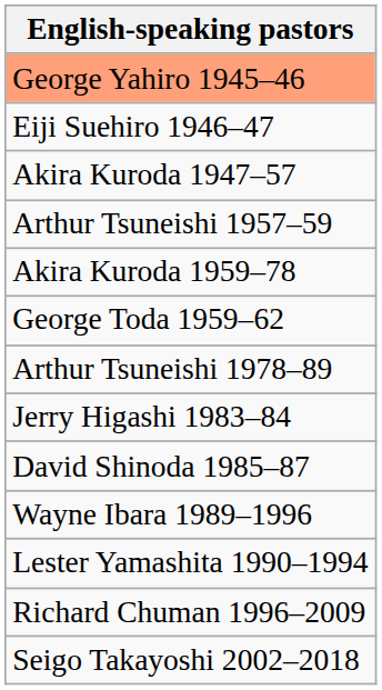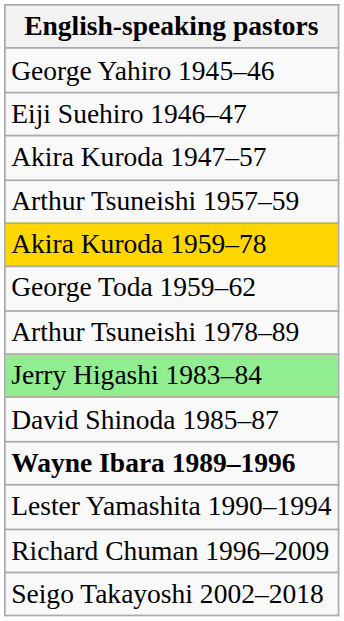 <table class="wikitable">
 <tr>
 <th>English-speaking pastors</th>
 </tr>
 <tr>
-<td style="background: lightsalmon;">George Yahiro 1945–46</td>
+<td>George Yahiro 1945–46</td>
 </tr>
 <tr>
 <td>Eiji Suehiro 1946–47</td>
 </tr>
 <tr>
 <td>Akira Kuroda 1947–57</td>
 </tr>
 <tr>
 <td>Arthur Tsuneishi 1957–59</td>
 </tr>
 <tr>
-<td>Akira Kuroda 1959–78</td>
+<td style="background: gold;">Akira Kuroda 1959–78</td>
 </tr>
 <tr>
 <td>George Toda 1959–62</td>
 </tr>
 <tr>
 <td>Arthur Tsuneishi 1978–89</td>
 </tr>
 <tr>
-<td>Jerry Higashi 1983–84</td>
+<td style="background: lightgreen;">Jerry Higashi 1983–84</td>
 </tr>
 <tr>
 <td>David Shinoda 1985–87</td>
 </tr>
 <tr>
-<td>Wayne Ibara 1989–1996</td>
+<td><strong>Wayne Ibara 1989–1996</strong></td>
 </tr>
 <tr>
 <td>Lester Yamashita 1990–1994</td>
 </tr>
 <tr>
 <td>Richard Chuman 1996–2009</td>
 </tr>
 <tr>
 <td>Seigo Takayoshi 2002–2018</td>
 </tr>
 </table>
